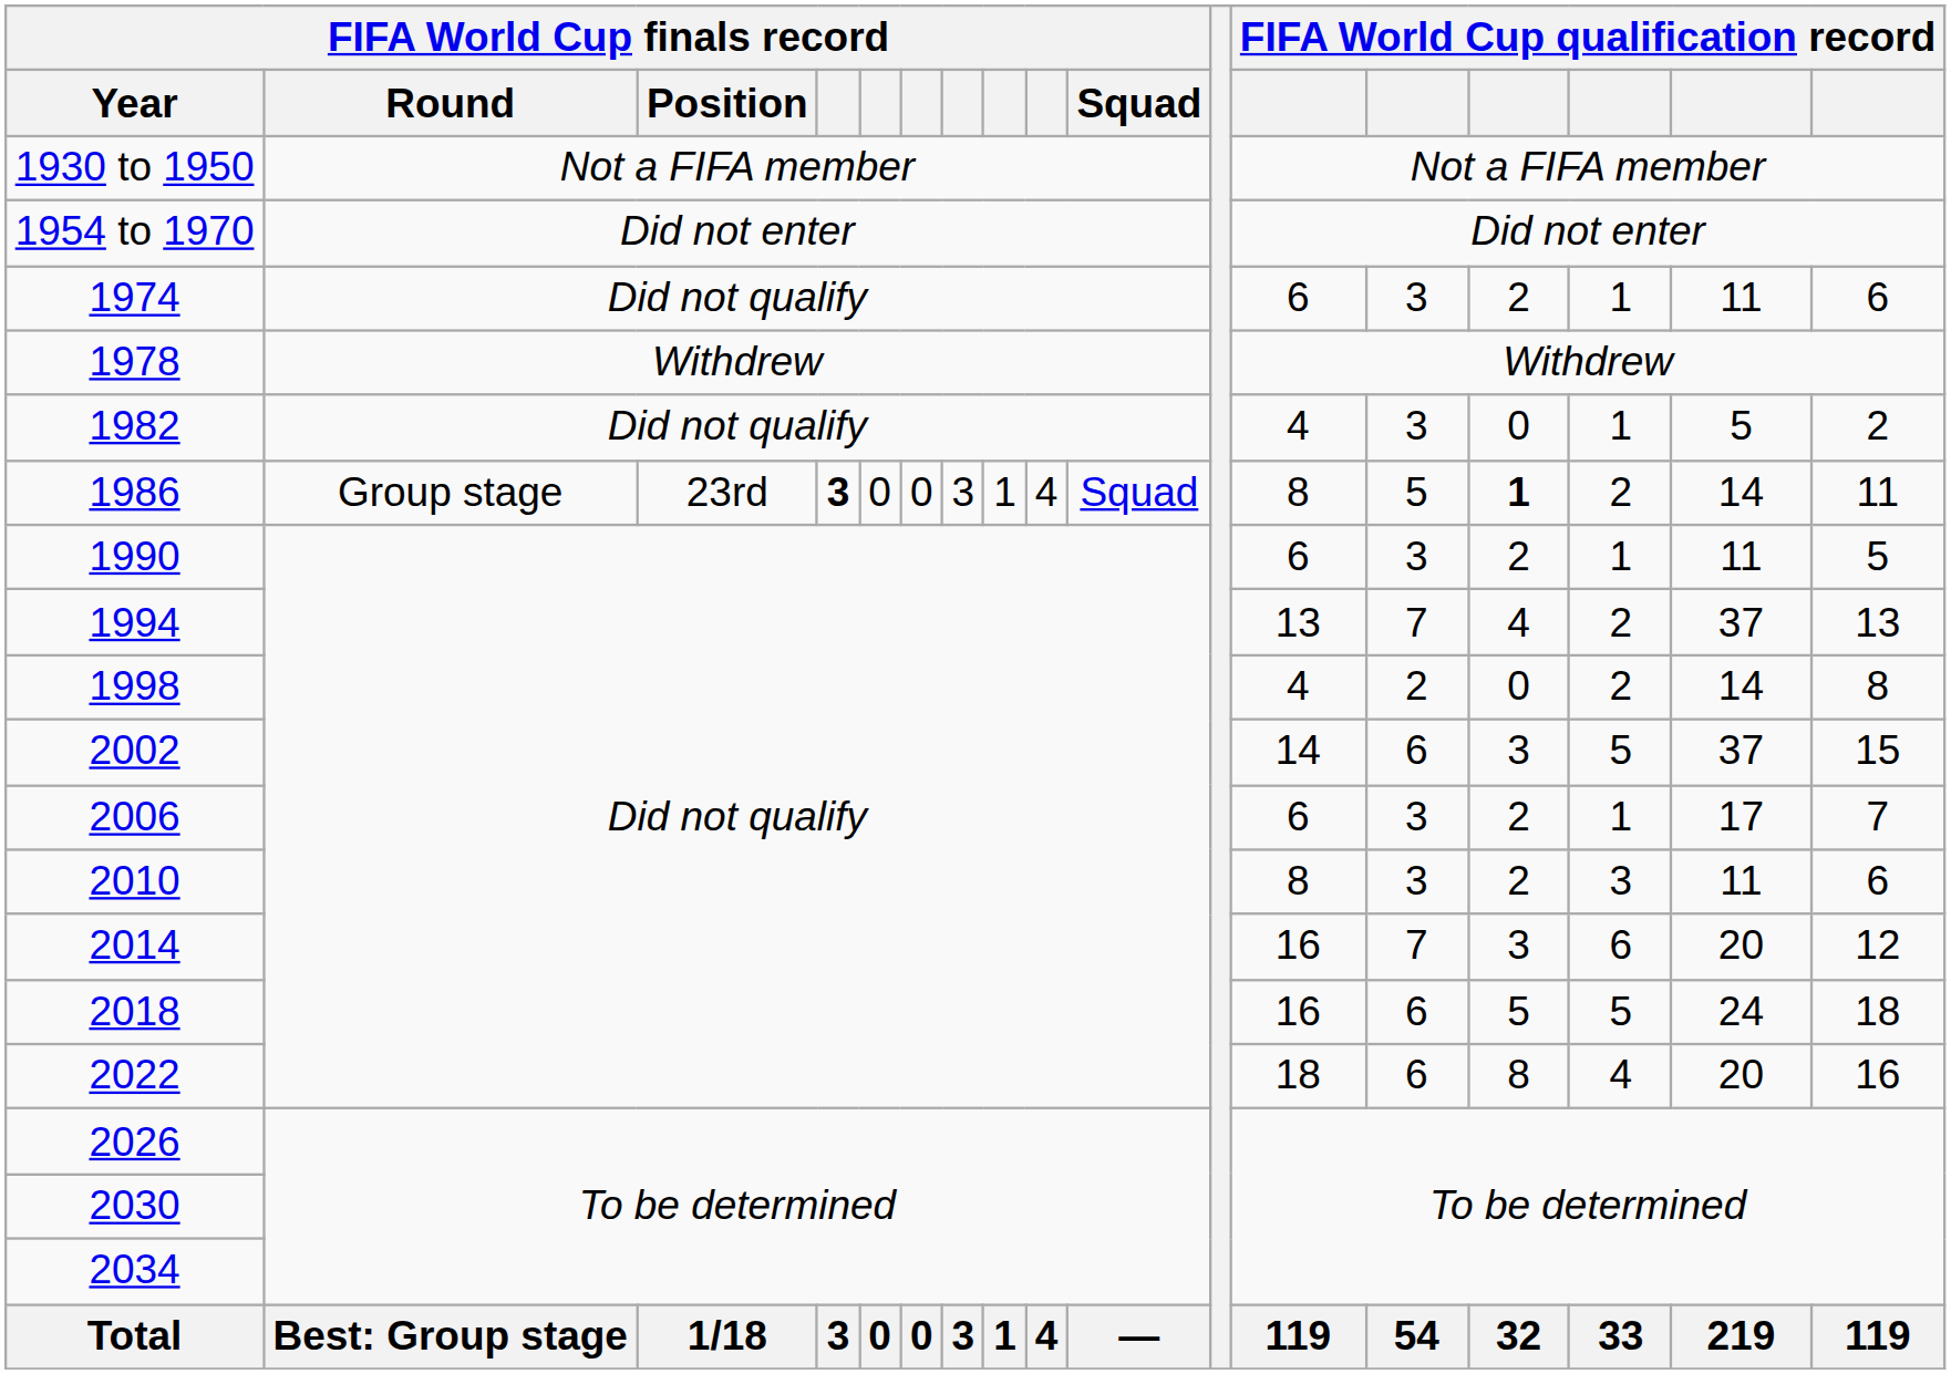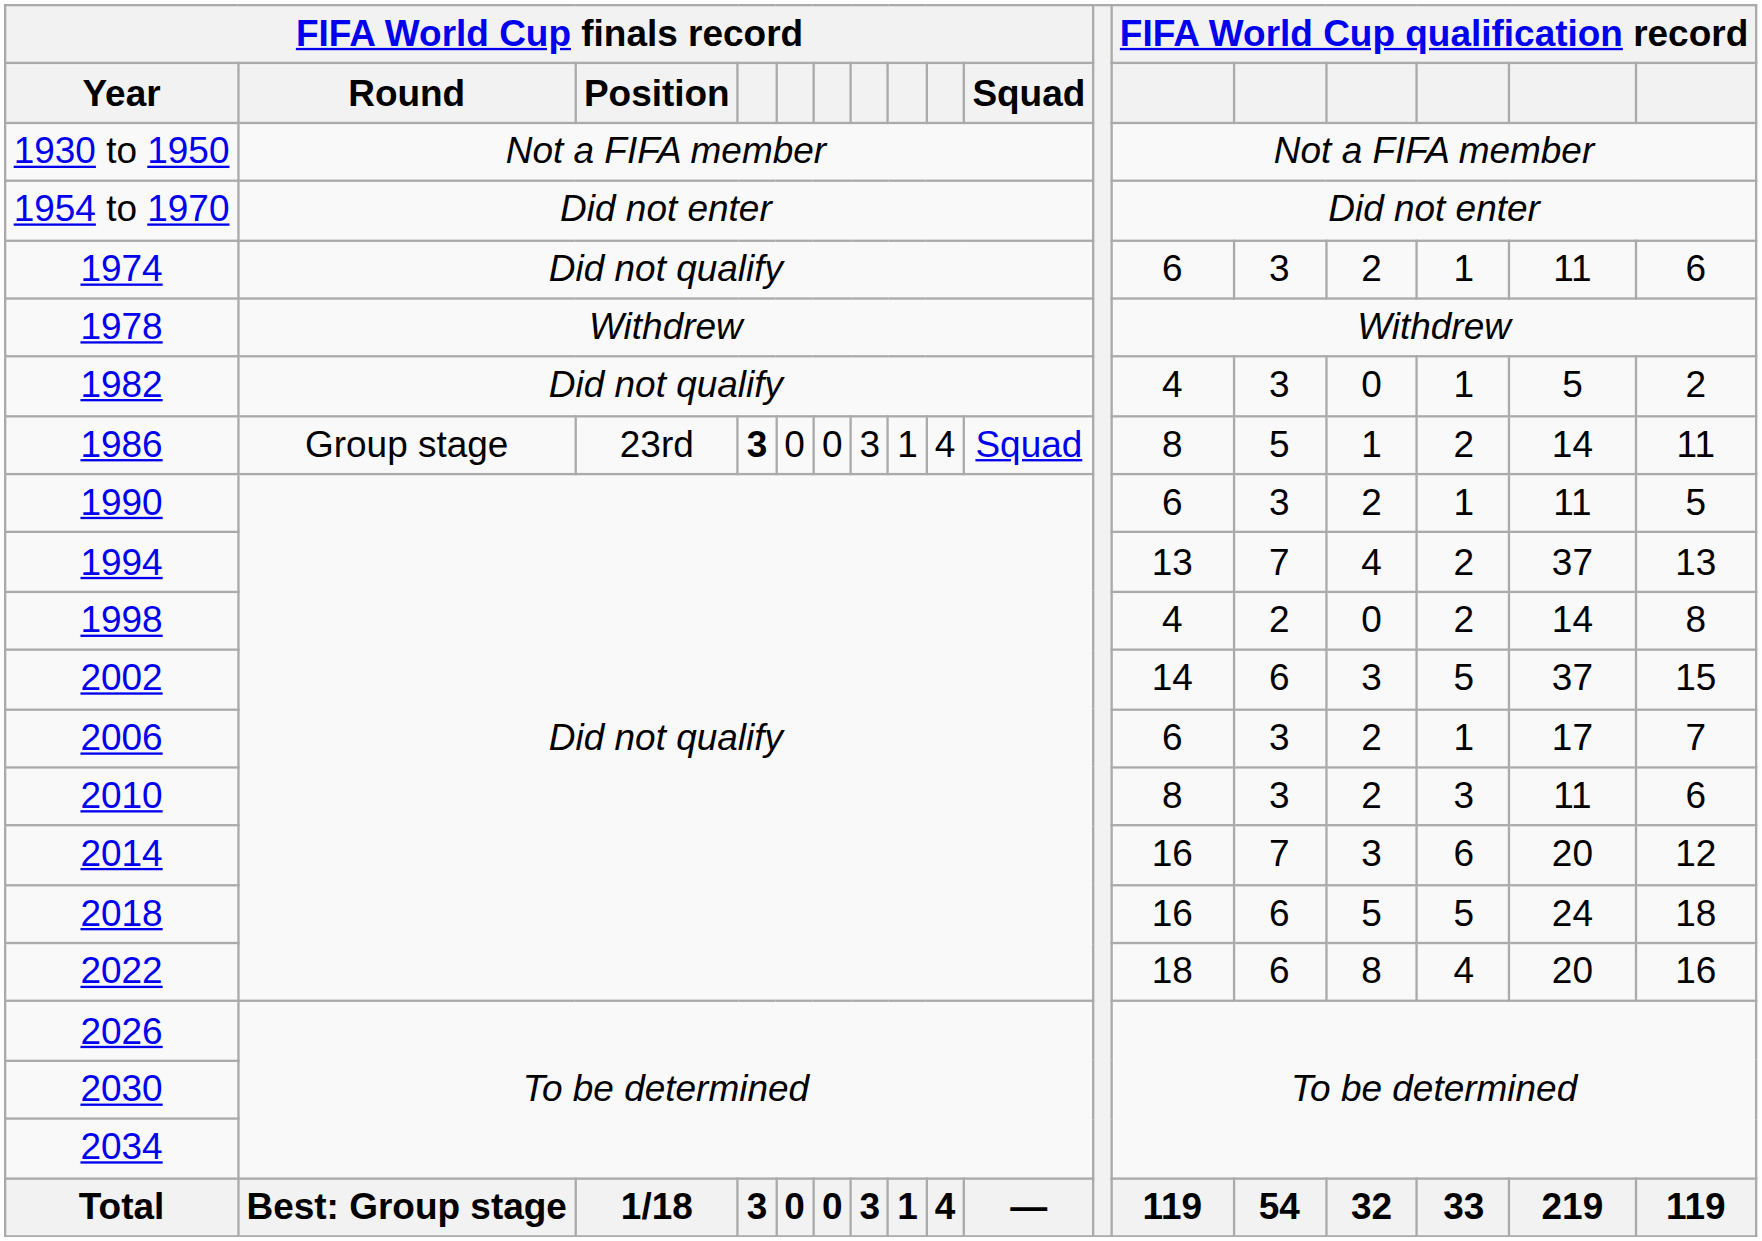 <table class="wikitable" style="text-align:center;">
 <tr>
 <th colspan=10><a href='#'>FIFA World Cup</a> finals record</th>
 <th style="width:1%" rowspan="39"></th>
 <th colspan=6><a href='#'>FIFA World Cup qualification</a> record</th>
 </tr>
 <tr>
 <th>Year</th>
 <th>Round</th>
 <th>Position</th>
 <th></th>
 <th></th>
 <th></th>
 <th></th>
 <th></th>
 <th></th>
 <th>Squad</th>
 <th></th>
 <th></th>
 <th></th>
 <th></th>
 <th></th>
 <th></th>
 </tr>
 <tr>
 <td> <a href='#'>1930</a> to  <a href='#'>1950</a></td>
 <td colspan="9"><em>Not a FIFA member</em></td>
 <td colspan="6"><em>Not a FIFA member</em></td>
 </tr>
 <tr>
 <td> <a href='#'>1954</a> to  <a href='#'>1970</a></td>
 <td colspan="9"><em>Did not enter</em></td>
 <td colspan="6"><em>Did not enter</em></td>
 </tr>
 <tr>
 <td> <a href='#'>1974</a></td>
 <td colspan=9><em>Did not qualify</em></td>
 <td>6</td>
 <td>3</td>
 <td>2</td>
 <td>1</td>
 <td>11</td>
 <td>6</td>
 </tr>
 <tr>
 <td> <a href='#'>1978</a></td>
 <td colspan="9"><em>Withdrew</em></td>
 <td colspan="6"><em>Withdrew</em></td>
 </tr>
 <tr>
 <td> <a href='#'>1982</a></td>
 <td colspan=9><em>Did not qualify</em></td>
 <td>4</td>
 <td>3</td>
 <td>0</td>
 <td>1</td>
 <td>5</td>
 <td>2</td>
 </tr>
 <tr>
 <td> <a href='#'>1986</a></td>
 <td>Group stage</td>
 <td>23rd</td>
 <td><strong>3</strong></td>
 <td>0</td>
 <td>0</td>
 <td>3</td>
 <td>1</td>
 <td>4</td>
 <td><a href='#'>Squad</a></td>
 <td>8</td>
 <td>5</td>
-<td><strong>1</strong></td>
+<td>1</td>
 <td>2</td>
 <td>14</td>
 <td>11</td>
 </tr>
 <tr>
 <td> <a href='#'>1990</a></td>
 <td rowspan=9 colspan=9><em>Did not qualify</em></td>
 <td>6</td>
 <td>3</td>
 <td>2</td>
 <td>1</td>
 <td>11</td>
 <td>5</td>
 </tr>
 <tr>
 <td> <a href='#'>1994</a></td>
 <td>13</td>
 <td>7</td>
 <td>4</td>
 <td>2</td>
 <td>37</td>
 <td>13</td>
 </tr>
 <tr>
 <td> <a href='#'>1998</a></td>
 <td>4</td>
 <td>2</td>
 <td>0</td>
 <td>2</td>
 <td>14</td>
 <td>8</td>
 </tr>
 <tr>
 <td>  <a href='#'>2002</a></td>
 <td>14</td>
 <td>6</td>
 <td>3</td>
 <td>5</td>
 <td>37</td>
 <td>15</td>
 </tr>
 <tr>
 <td> <a href='#'>2006</a></td>
 <td>6</td>
 <td>3</td>
 <td>2</td>
 <td>1</td>
 <td>17</td>
 <td>7</td>
 </tr>
 <tr>
 <td> <a href='#'>2010</a></td>
 <td>8</td>
 <td>3</td>
 <td>2</td>
 <td>3</td>
 <td>11</td>
 <td>6</td>
 </tr>
 <tr>
 <td> <a href='#'>2014</a></td>
 <td>16</td>
 <td>7</td>
 <td>3</td>
 <td>6</td>
 <td>20</td>
 <td>12</td>
 </tr>
 <tr>
 <td> <a href='#'>2018</a></td>
 <td>16</td>
 <td>6</td>
 <td>5</td>
 <td>5</td>
 <td>24</td>
 <td>18</td>
 </tr>
 <tr>
 <td> <a href='#'>2022</a></td>
 <td>18</td>
 <td>6</td>
 <td>8</td>
 <td>4</td>
 <td>20</td>
 <td>16</td>
 </tr>
 <tr>
 <td>   <a href='#'>2026</a></td>
 <td colspan=9 rowspan=3><em>To be determined</em></td>
 <td colspan=6 rowspan=3><em>To be determined</em></td>
 </tr>
 <tr>
 <td>   <a href='#'>2030</a></td>
 </tr>
 <tr>
 <td> <a href='#'>2034</a></td>
 </tr>
 <tr>
 <th>Total</th>
 <th>Best: Group stage</th>
 <th>1/18</th>
 <th>3</th>
 <th>0</th>
 <th>0</th>
 <th>3</th>
 <th>1</th>
 <th>4</th>
 <th>—</th>
 <th>119</th>
 <th>54</th>
 <th>32</th>
 <th>33</th>
 <th>219</th>
 <th>119</th>
 </tr>
 </table>
